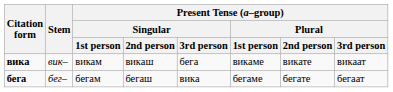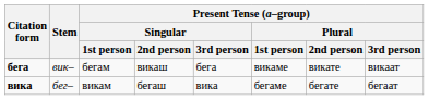 <table class="wikitable">
 <tr>
 <th rowspan="3">Citation<br>form</th>
 <th rowspan="3">Stem</th>
 <th colspan="6">Present Tense (<em>а</em>–group)</th>
 </tr>
 <tr>
 <th colspan="3">Singular</th>
 <th colspan="3">Plural</th>
 </tr>
 <tr>
 <th>1st person</th>
 <th>2nd person</th>
 <th>3rd person</th>
 <th>1st person</th>
 <th>2nd person</th>
 <th>3rd person</th>
 </tr>
 <tr>
-<td><strong>вика</strong></td>
+<td><strong>бега</strong></td>
 <td><em>вик–</em></td>
-<td>вик<span>ам</span></td>
+<td>бег<span>ам</span></td>
 <td>вик<span>а</span><span>ш</span></td>
 <td>бег<span>а</span></td>
 <td>вик<span>а</span><span>ме</span></td>
 <td>вик<span>а</span><span>те</span></td>
 <td>вик<span>а</span><span>ат</span></td>
 </tr>
 <tr>
-<td><strong>бега</strong></td>
+<td><strong>вика</strong></td>
 <td><em>бег–</em></td>
-<td>бег<span>ам</span></td>
+<td>вик<span>ам</span></td>
 <td>бег<span>а</span><span>ш</span></td>
 <td>вик<span>а</span></td>
 <td>бег<span>а</span><span>ме</span></td>
 <td>бег<span>а</span><span>те</span></td>
 <td>бег<span>а</span><span>ат</span></td>
 </tr>
 </table>
